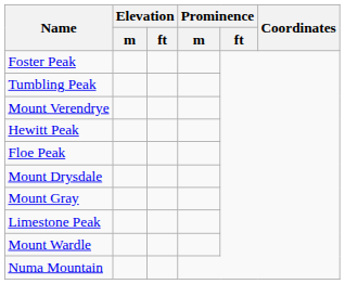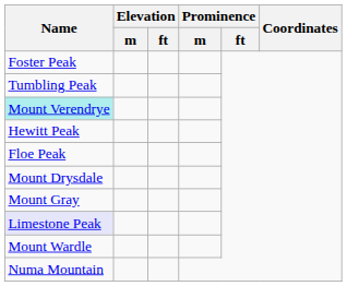 <table class="wikitable sortable">
 <tr>
 <th rowspan=2>Name</th>
 <th colspan=2>Elevation</th>
 <th colspan=2>Prominence</th>
 <th rowspan=2>Coordinates</th>
 </tr>
 <tr>
 <th>m</th>
 <th>ft</th>
 <th>m</th>
 <th>ft</th>
 </tr>
 <tr>
 <td><a href='#'>Foster Peak</a></td>
 <td></td>
 <td></td>
 <td></td>
 </tr>
 <tr>
 <td><a href='#'>Tumbling Peak</a></td>
 <td></td>
 <td></td>
 <td></td>
 </tr>
 <tr>
-<td><a href='#'>Mount Verendrye</a></td>
+<td style="background: paleturquoise;"><a href='#'>Mount Verendrye</a></td>
 <td></td>
 <td></td>
 <td></td>
 </tr>
 <tr>
 <td><a href='#'>Hewitt Peak</a></td>
 <td></td>
 <td></td>
 <td></td>
 </tr>
 <tr>
 <td><a href='#'>Floe Peak</a></td>
 <td></td>
 <td></td>
 <td></td>
 </tr>
 <tr>
 <td><a href='#'>Mount Drysdale</a></td>
 <td></td>
 <td></td>
 <td></td>
 </tr>
 <tr>
 <td><a href='#'>Mount Gray</a></td>
 <td></td>
 <td></td>
 <td></td>
 </tr>
 <tr>
-<td><a href='#'>Limestone Peak</a></td>
+<td style="background: lavender;"><a href='#'>Limestone Peak</a></td>
 <td></td>
 <td></td>
 <td></td>
 </tr>
 <tr>
 <td><a href='#'>Mount Wardle</a></td>
 <td></td>
 <td></td>
 <td></td>
 </tr>
 <tr>
 <td><a href='#'>Numa Mountain</a></td>
 <td></td>
 <td></td>
 </tr>
 </table>
